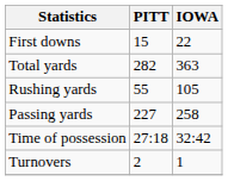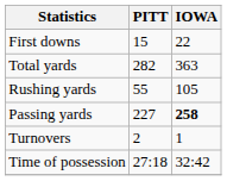 <table class="wikitable">
 <tr>
 <th>Statistics</th>
 <th>PITT</th>
 <th>IOWA</th>
 </tr>
 <tr>
 <td>First downs</td>
 <td>15</td>
 <td>22</td>
 </tr>
 <tr>
 <td>Total yards</td>
 <td>282</td>
 <td>363</td>
 </tr>
 <tr>
 <td>Rushing yards</td>
 <td>55</td>
 <td>105</td>
 </tr>
 <tr>
 <td>Passing yards</td>
 <td>227</td>
-<td>258</td>
+<td><strong>258</strong></td>
+</tr>
+<tr>
+<td>Turnovers</td>
+<td>2</td>
+<td>1</td>
 </tr>
 <tr>
 <td>Time of possession</td>
 <td>27:18</td>
 <td>32:42</td>
 </tr>
 <tr>
-<td>Turnovers</td>
-<td>2</td>
-<td>1</td>
-</tr>
-<tr>
 </tr>
 </table>
